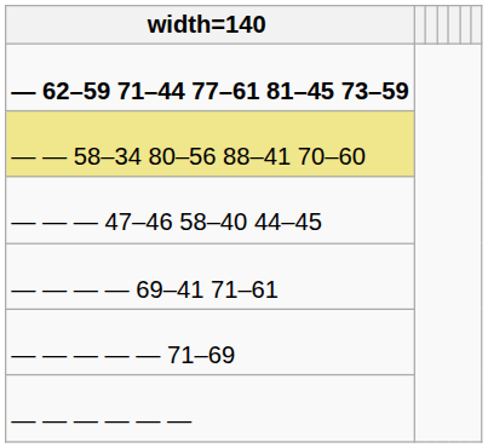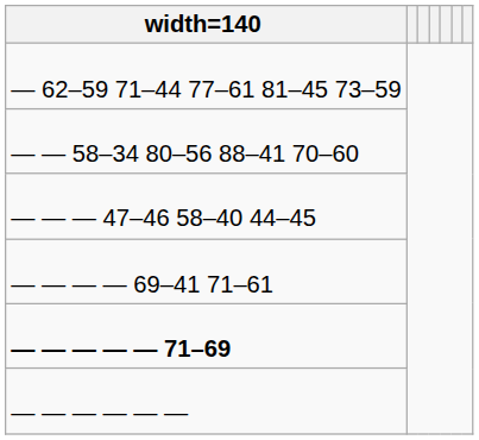 <table class="wikitable" style="text-align:center;">
 <tr>
 <th>width=140 </th>
 <th></th>
 <th></th>
 <th></th>
 <th></th>
 <th></th>
 <th></th>
 </tr>
 <tr>
-<td style="text-align:left;"><strong><br> —  62–59  71–44  77–61  81–45  73–59</strong></td>
+<td style="text-align:left;"><br> —  62–59  71–44  77–61  81–45  73–59</td>
 </tr>
 <tr>
-<td style="background: khaki; text-align:left;"><br> —  —  58–34  80–56  88–41  70–60</td>
+<td style="text-align:left;"><br> —  —  58–34  80–56  88–41  70–60</td>
 </tr>
 <tr>
 <td style="text-align:left;"><br> —  —  —  47–46  58–40  44–45</td>
 </tr>
 <tr>
 <td style="text-align:left;"><br> —  —  —  —  69–41  71–61</td>
 </tr>
 <tr>
-<td style="text-align:left;"><br> —  —  —  —  —  71–69</td>
+<td style="text-align:left;"><strong><br> —  —  —  —  —  71–69</strong></td>
 </tr>
 <tr>
 <td style="text-align:left;"><br> —  —  —  —  —  —</td>
 </tr>
 </table>
